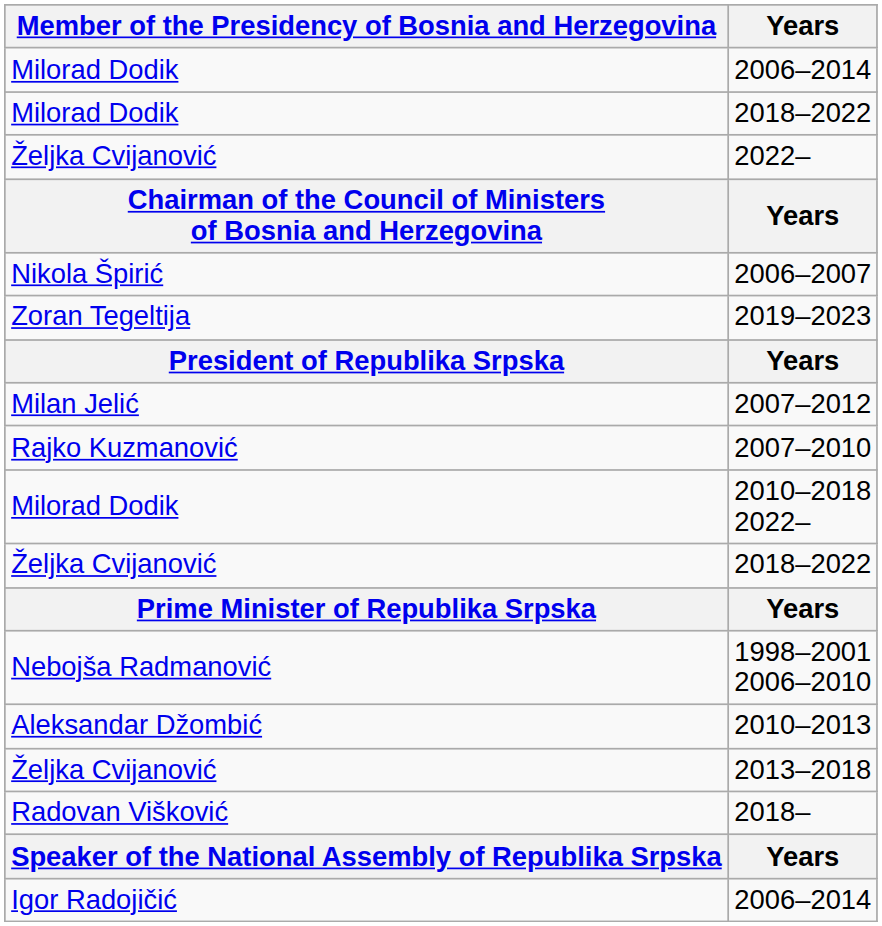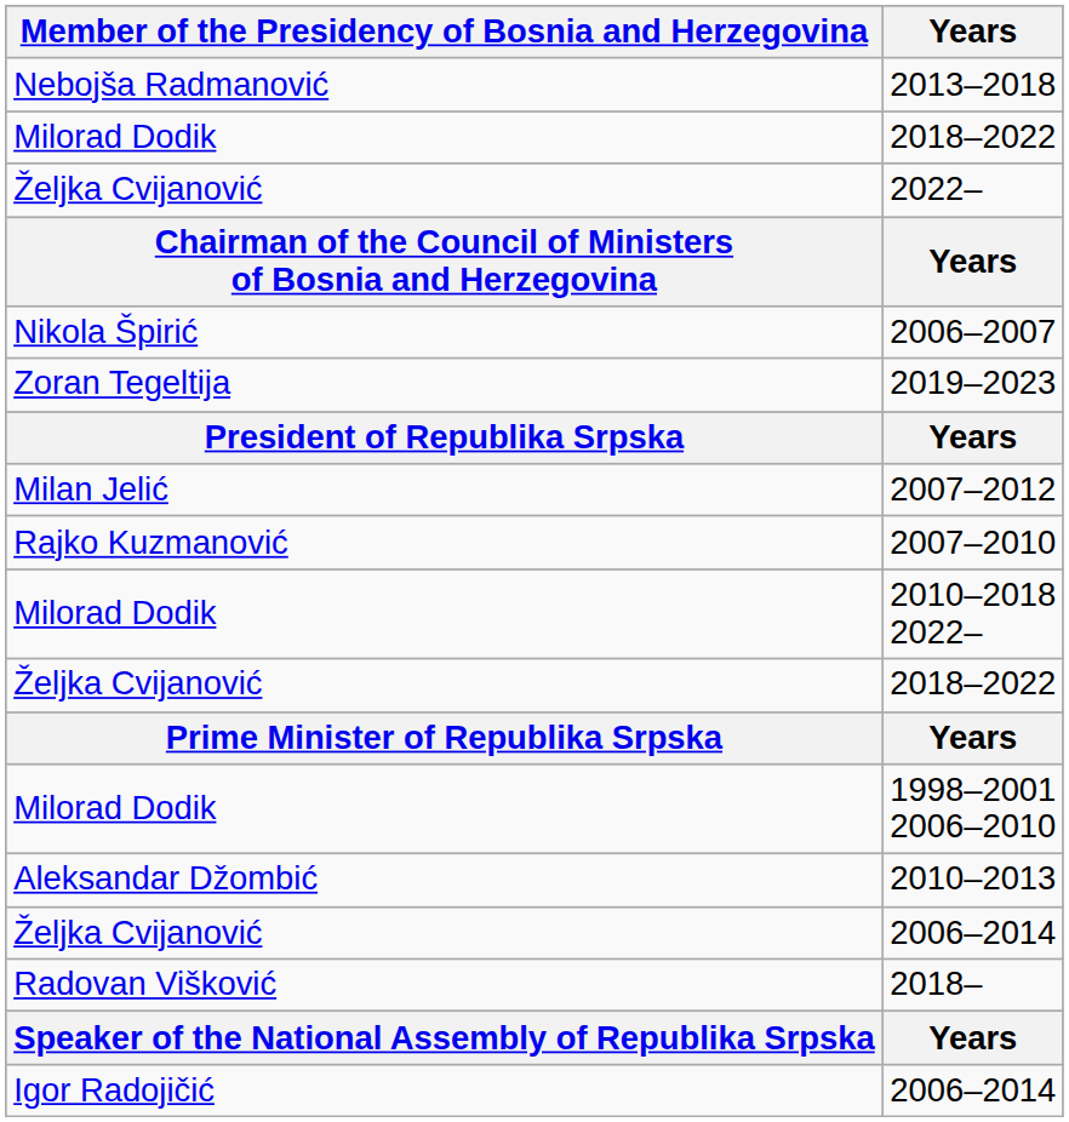 <table class=wikitable>
 <tr>
 <th><a href='#'>Member of the Presidency of Bosnia and Herzegovina</a></th>
 <th>Years</th>
 </tr>
 <tr>
-<td><a href='#'>Milorad Dodik</a></td>
-<td>2006–2014</td>
+<td><a href='#'>Nebojša Radmanović</a></td>
+<td>2013–2018</td>
 </tr>
 <tr>
 <td><a href='#'>Milorad Dodik</a></td>
 <td>2018–2022</td>
 </tr>
 <tr>
 <td><a href='#'>Željka Cvijanović</a></td>
 <td>2022–</td>
 </tr>
 <tr>
 <th><a href='#'>Chairman of the Council of Ministers<br>of Bosnia and Herzegovina</a></th>
 <th>Years</th>
 </tr>
 <tr>
 <td><a href='#'>Nikola Špirić</a></td>
 <td>2006–2007</td>
 </tr>
 <tr>
 <td><a href='#'>Zoran Tegeltija</a></td>
 <td>2019–2023</td>
 </tr>
 <tr>
 <th><a href='#'>President of Republika Srpska</a></th>
 <th>Years</th>
 </tr>
 <tr>
 <td><a href='#'>Milan Jelić</a></td>
 <td>2007–2012</td>
 </tr>
 <tr>
 <td><a href='#'>Rajko Kuzmanović</a></td>
 <td>2007–2010</td>
 </tr>
 <tr>
 <td><a href='#'>Milorad Dodik</a></td>
 <td>2010–2018<br>2022–</td>
 </tr>
 <tr>
 <td><a href='#'>Željka Cvijanović</a></td>
 <td>2018–2022</td>
 </tr>
 <tr>
 <th><a href='#'>Prime Minister of Republika Srpska</a></th>
 <th>Years</th>
 </tr>
 <tr>
-<td><a href='#'>Nebojša Radmanović</a></td>
+<td><a href='#'>Milorad Dodik</a></td>
 <td>1998–2001<br>2006–2010</td>
 </tr>
 <tr>
 <td><a href='#'>Aleksandar Džombić</a></td>
 <td>2010–2013</td>
 </tr>
 <tr>
 <td><a href='#'>Željka Cvijanović</a></td>
-<td>2013–2018</td>
+<td>2006–2014</td>
 </tr>
 <tr>
 <td><a href='#'>Radovan Višković</a></td>
 <td>2018–</td>
 </tr>
 <tr>
 <th><a href='#'>Speaker of the National Assembly of Republika Srpska</a></th>
 <th>Years</th>
 </tr>
 <tr>
 <td><a href='#'>Igor Radojičić</a></td>
 <td>2006–2014</td>
 </tr>
 </table>
